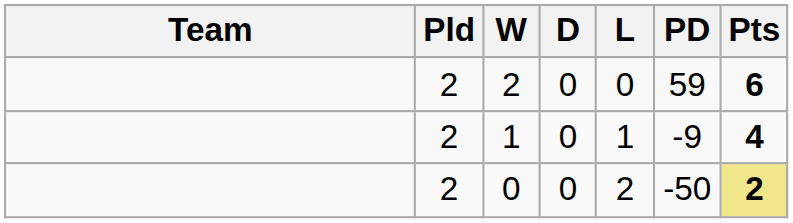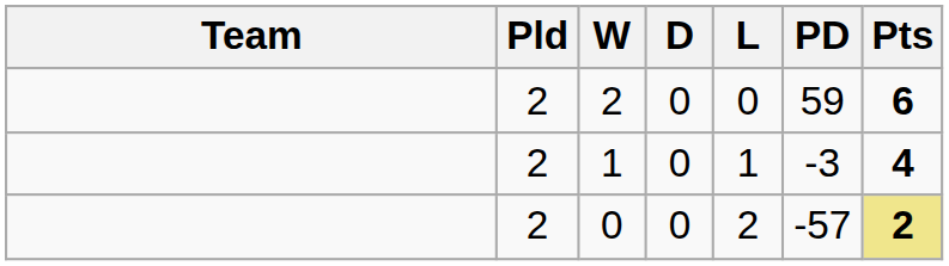 <table class="wikitable" style="text-align:center;">
 <tr>
 <th width="190">Team</th>
 <th width="20" abbr="Played">Pld</th>
 <th width="20" abbr="Won">W</th>
 <th width="20" abbr="Drawn">D</th>
 <th width="20" abbr="Lost">L</th>
 <th width="25" abbr="Points difference">PD</th>
 <th width="20" abbr="Points">Pts</th>
 </tr>
 <tr>
 <td align="left"></td>
 <td>2</td>
 <td>2</td>
 <td>0</td>
 <td>0</td>
 <td>59</td>
 <td><strong>6</strong></td>
 </tr>
 <tr>
 <td align="left"></td>
 <td>2</td>
 <td>1</td>
 <td>0</td>
 <td>1</td>
-<td>-9</td>
+<td>-3</td>
 <td><strong>4</strong></td>
 </tr>
 <tr>
 <td align="left"></td>
 <td>2</td>
 <td>0</td>
 <td>0</td>
 <td>2</td>
-<td>-50</td>
+<td>-57</td>
 <td style="background: khaki;"><strong>2</strong></td>
 </tr>
 </table>
